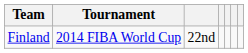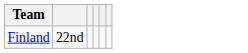 <table class="wikitable" style=" text-align:center;">
 <tr>
 <th>Team</th>
-<th>Tournament</th>
 <th></th>
 <th></th>
 <th></th>
 <th></th>
 <th></th>
 </tr>
 <tr>
 <td><a href='#'>Finland</a></td>
-<td><a href='#'>2014 FIBA World Cup</a></td>
 <td>22nd</td>
 <td></td>
 <td></td>
 <td></td>
 <td></td>
 </tr>
 </table>
